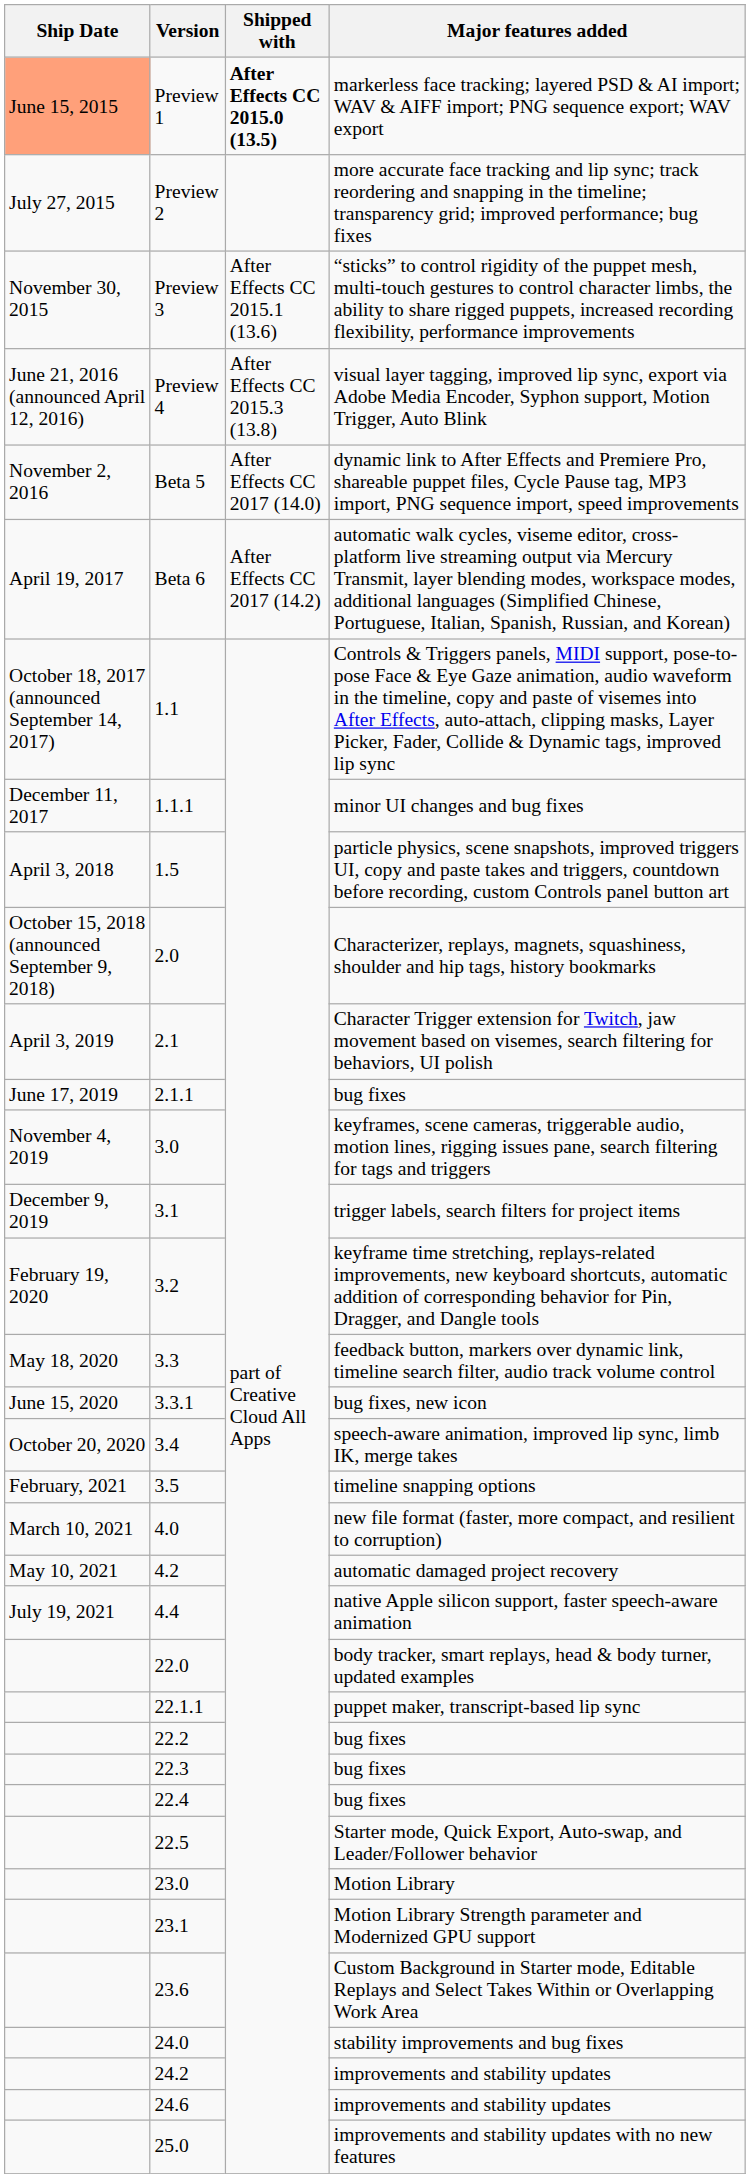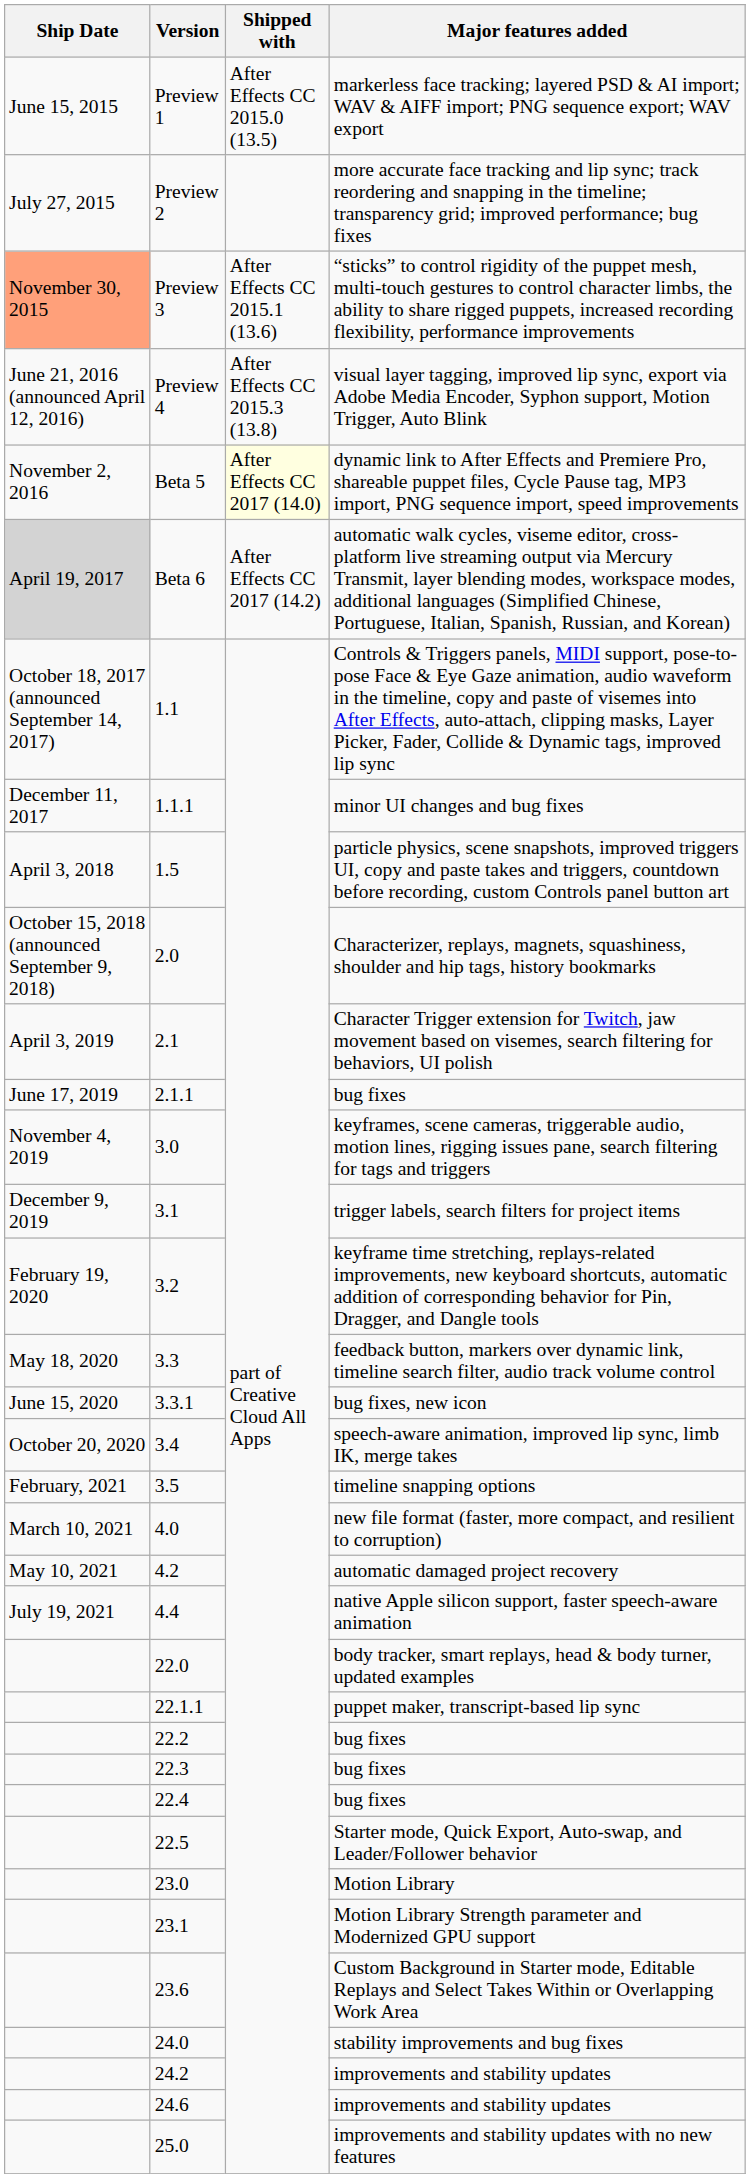 <table class="wikitable">
 <tr>
 <th>Ship Date</th>
 <th>Version</th>
 <th>Shipped with</th>
 <th>Major features added</th>
 </tr>
 <tr>
-<td style="background: lightsalmon;">June 15, 2015</td>
+<td>June 15, 2015</td>
 <td>Preview 1</td>
-<td><strong>After Effects CC 2015.0 (13.5)</strong></td>
+<td>After Effects CC 2015.0 (13.5)</td>
 <td>markerless face tracking; layered PSD & AI import; WAV & AIFF import; PNG sequence export; WAV export</td>
 </tr>
 <tr>
 <td>July 27, 2015</td>
 <td>Preview 2</td>
 <td></td>
 <td>more accurate face tracking and lip sync; track reordering and snapping in the timeline; transparency grid; improved performance; bug fixes</td>
 </tr>
 <tr>
-<td>November 30, 2015</td>
+<td style="background: lightsalmon;">November 30, 2015</td>
 <td>Preview 3</td>
 <td>After Effects CC 2015.1 (13.6)</td>
 <td>“sticks” to control rigidity of the puppet mesh, multi-touch gestures to control character limbs, the ability to share rigged puppets, increased recording flexibility, performance improvements</td>
 </tr>
 <tr>
 <td>June 21, 2016 (announced April 12, 2016)</td>
 <td>Preview 4</td>
 <td>After Effects CC 2015.3 (13.8)</td>
 <td>visual layer tagging, improved lip sync, export via Adobe Media Encoder, Syphon support, Motion Trigger, Auto Blink</td>
 </tr>
 <tr>
 <td>November 2, 2016</td>
 <td>Beta 5</td>
-<td>After Effects CC 2017 (14.0)</td>
+<td style="background: lightyellow;">After Effects CC 2017 (14.0)</td>
 <td>dynamic link to After Effects and Premiere Pro, shareable puppet files, Cycle Pause tag, MP3 import, PNG sequence import, speed improvements</td>
 </tr>
 <tr>
-<td>April 19, 2017</td>
+<td style="background: lightgrey;">April 19, 2017</td>
 <td>Beta 6</td>
 <td>After Effects CC 2017 (14.2)</td>
 <td>automatic walk cycles, viseme editor, cross-platform live streaming output via Mercury Transmit, layer blending modes, workspace modes, additional languages (Simplified Chinese, Portuguese, Italian, Spanish, Russian, and Korean)</td>
 </tr>
 <tr>
 <td>October 18, 2017 (announced September 14, 2017)</td>
 <td>1.1</td>
 <td rowspan="29">part of Creative Cloud All Apps</td>
 <td>Controls & Triggers panels, <a href='#'>MIDI</a> support, pose-to-pose Face & Eye Gaze animation, audio waveform in the timeline, copy and paste of visemes into <a href='#'>After Effects</a>, auto-attach, clipping masks, Layer Picker, Fader, Collide & Dynamic tags, improved lip sync</td>
 </tr>
 <tr>
 <td>December 11, 2017</td>
 <td>1.1.1</td>
 <td>minor UI changes and bug fixes</td>
 </tr>
 <tr>
 <td>April 3, 2018</td>
 <td>1.5</td>
 <td>particle physics, scene snapshots, improved triggers UI, copy and paste takes and triggers, countdown before recording, custom Controls panel button art</td>
 </tr>
 <tr>
 <td>October 15, 2018 (announced September 9, 2018)</td>
 <td>2.0</td>
 <td>Characterizer, replays, magnets, squashiness, shoulder and hip tags, history bookmarks</td>
 </tr>
 <tr>
 <td>April 3, 2019</td>
 <td>2.1</td>
 <td>Character Trigger extension for <a href='#'>Twitch</a>, jaw movement based on visemes, search filtering for behaviors, UI polish</td>
 </tr>
 <tr>
 <td>June 17, 2019</td>
 <td>2.1.1</td>
 <td>bug fixes</td>
 </tr>
 <tr>
 <td>November 4, 2019</td>
 <td>3.0</td>
 <td>keyframes, scene cameras, triggerable audio, motion lines, rigging issues pane, search filtering for tags and triggers</td>
 </tr>
 <tr>
 <td>December 9, 2019</td>
 <td>3.1</td>
 <td>trigger labels, search filters for project items</td>
 </tr>
 <tr>
 <td>February 19, 2020</td>
 <td>3.2</td>
 <td>keyframe time stretching, replays-related improvements, new keyboard shortcuts, automatic addition of corresponding behavior for Pin, Dragger, and Dangle tools</td>
 </tr>
 <tr>
 <td>May 18, 2020</td>
 <td>3.3</td>
 <td>feedback button, markers over dynamic link, timeline search filter, audio track volume control</td>
 </tr>
 <tr>
 <td>June 15, 2020</td>
 <td>3.3.1</td>
 <td>bug fixes, new icon</td>
 </tr>
 <tr>
 <td>October 20, 2020</td>
 <td>3.4</td>
 <td>speech-aware animation, improved lip sync, limb IK, merge takes</td>
 </tr>
 <tr>
 <td>February, 2021</td>
 <td>3.5</td>
 <td>timeline snapping options</td>
 </tr>
 <tr>
 <td>March 10, 2021</td>
 <td>4.0</td>
 <td>new file format (faster, more compact, and resilient to corruption)</td>
 </tr>
 <tr>
 <td>May 10, 2021</td>
 <td>4.2</td>
 <td>automatic damaged project recovery</td>
 </tr>
 <tr>
 <td>July 19, 2021</td>
 <td>4.4</td>
 <td>native Apple silicon support, faster speech-aware animation</td>
 </tr>
 <tr>
 <td></td>
 <td>22.0</td>
 <td>body tracker, smart replays, head & body turner, updated examples</td>
 </tr>
 <tr>
 <td></td>
 <td>22.1.1</td>
 <td>puppet maker, transcript-based lip sync</td>
 </tr>
 <tr>
 <td></td>
 <td>22.2</td>
 <td>bug fixes</td>
 </tr>
 <tr>
 <td></td>
 <td>22.3</td>
 <td>bug fixes</td>
 </tr>
 <tr>
 <td></td>
 <td>22.4</td>
 <td>bug fixes</td>
 </tr>
 <tr>
 <td></td>
 <td>22.5</td>
 <td>Starter mode, Quick Export, Auto-swap, and Leader/Follower behavior</td>
 </tr>
 <tr>
 <td></td>
 <td>23.0</td>
 <td>Motion Library</td>
 </tr>
 <tr>
 <td></td>
 <td>23.1</td>
 <td>Motion Library Strength parameter and Modernized GPU support</td>
 </tr>
 <tr>
 <td></td>
 <td>23.6</td>
 <td>Custom Background in Starter mode, Editable Replays and Select Takes Within or Overlapping Work Area</td>
 </tr>
 <tr>
 <td></td>
 <td>24.0</td>
 <td>stability improvements and bug fixes</td>
 </tr>
 <tr>
 <td></td>
 <td>24.2</td>
 <td>improvements and stability updates</td>
 </tr>
 <tr>
 <td></td>
 <td>24.6</td>
 <td>improvements and stability updates</td>
 </tr>
 <tr>
 <td></td>
 <td>25.0</td>
 <td>improvements and stability updates with no new features</td>
 </tr>
 </table>
